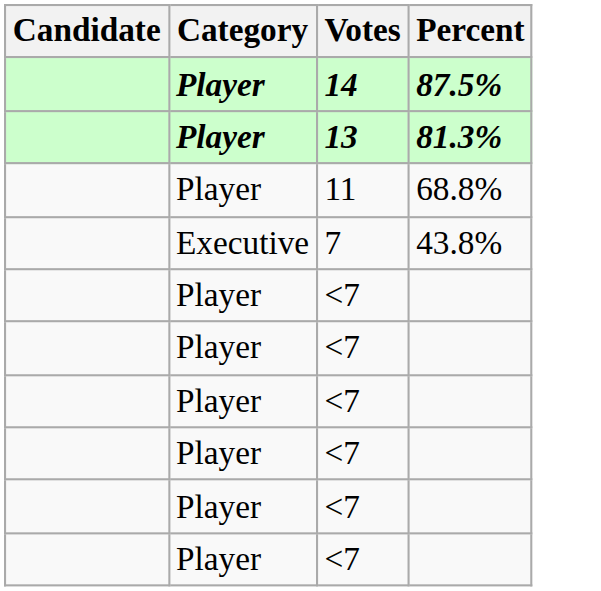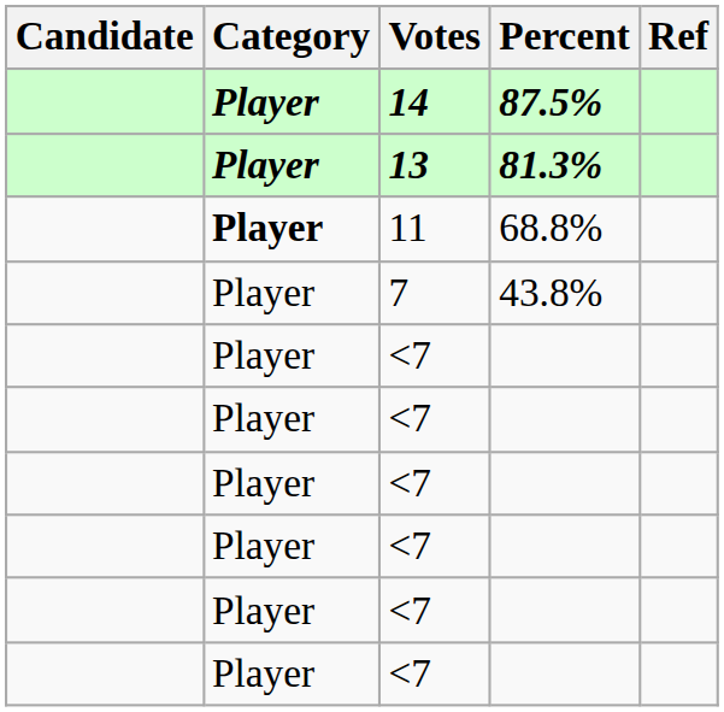 <table class="wikitable sortable plainrowheaders">
 <tr>
 <th scope="col">Candidate</th>
 <th scope="col">Category</th>
 <th scope="col">Votes</th>
 <th scope="col">Percent</th>
+<th class=unsortable>Ref</th>
 </tr>
 <tr bgcolor="#ccffcc">
 <td><strong><em></em></strong></td>
 <td><strong><em>Player</em></strong></td>
 <td><strong><em>14</em></strong></td>
 <td><strong><em>87.5%</em></strong></td>
+<td></td>
 </tr>
 <tr bgcolor="#ccffcc">
 <td><strong><em></em></strong></td>
 <td><strong><em>Player</em></strong></td>
 <td><strong><em>13</em></strong></td>
 <td><strong><em>81.3%</em></strong></td>
+<td></td>
+</tr>
+<tr>
+<td><em></em></td>
+<td><strong>Player</strong></td>
+<td>11</td>
+<td>68.8%</td>
+<td></td>
 </tr>
 <tr>
 <td><em></em></td>
 <td>Player</td>
-<td>11</td>
-<td>68.8%</td>
-</tr>
-<tr>
-<td><em></em></td>
-<td>Executive</td>
 <td>7</td>
 <td>43.8%</td>
-</tr>
-<tr>
-<td></td>
-<td>Player</td>
-<td><7</td>
 <td></td>
 </tr>
 <tr>
 <td></td>
 <td>Player</td>
 <td><7</td>
 <td></td>
-</tr>
-<tr>
-<td></td>
-<td>Player</td>
-<td><7</td>
 <td></td>
 </tr>
 <tr>
 <td></td>
 <td>Player</td>
 <td><7</td>
 <td></td>
-</tr>
-<tr>
-<td><em></em></td>
-<td>Player</td>
-<td><7</td>
 <td></td>
 </tr>
 <tr>
 <td></td>
 <td>Player</td>
 <td><7</td>
 <td></td>
+<td></td>
+</tr>
+<tr>
+<td></td>
+<td>Player</td>
+<td><7</td>
+<td></td>
+<td></td>
+</tr>
+<tr>
+<td><em></em></td>
+<td>Player</td>
+<td><7</td>
+<td></td>
+<td></td>
+</tr>
+<tr>
+<td></td>
+<td>Player</td>
+<td><7</td>
+<td></td>
+<td></td>
 </tr>
 </table>
